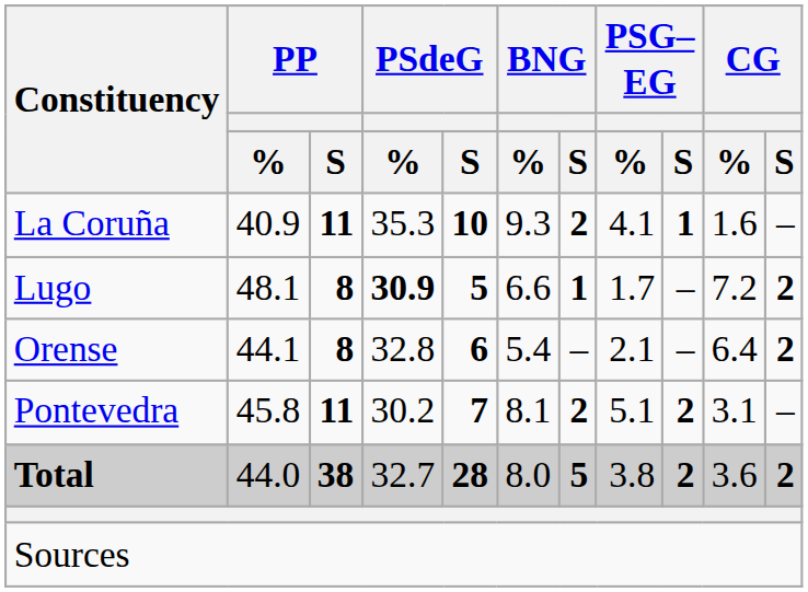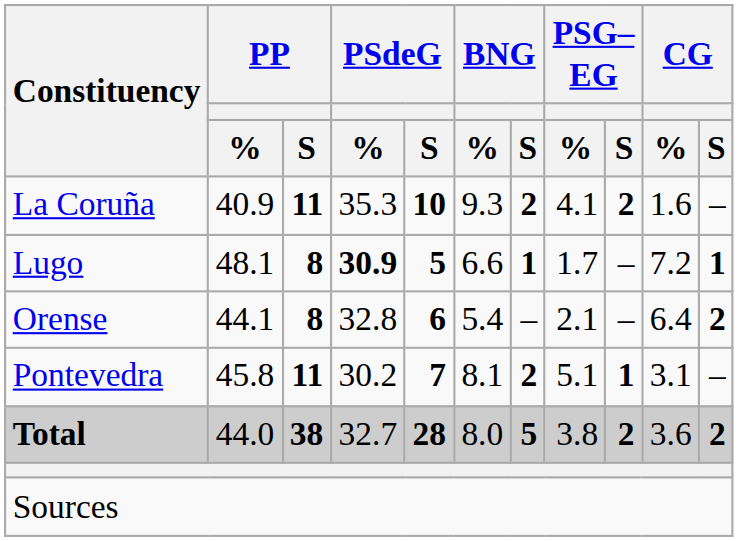 <table class="wikitable sortable" style="text-align:right; line-height:20px;">
 <tr>
 <th rowspan="3">Constituency</th>
 <th colspan="2" width="30px" class="unsortable"><a href='#'>PP</a></th>
 <th colspan="2" width="30px" class="unsortable"><a href='#'>PSdeG</a></th>
 <th colspan="2" width="30px" class="unsortable"><a href='#'>BNG</a></th>
 <th colspan="2" width="30px" class="unsortable"><a href='#'>PSG–EG</a></th>
 <th colspan="2" width="30px" class="unsortable"><a href='#'>CG</a></th>
 </tr>
 <tr>
 <th colspan="2" style="background:"></th>
 <th colspan="2" style="background:"></th>
 <th colspan="2" style="background:"></th>
 <th colspan="2" style="background:"></th>
 <th colspan="2" style="background:"></th>
 </tr>
 <tr>
 <th data-sort-type="number">%</th>
 <th data-sort-type="number">S</th>
 <th data-sort-type="number">%</th>
 <th data-sort-type="number">S</th>
 <th data-sort-type="number">%</th>
 <th data-sort-type="number">S</th>
 <th data-sort-type="number">%</th>
 <th data-sort-type="number">S</th>
 <th data-sort-type="number">%</th>
 <th data-sort-type="number">S</th>
 </tr>
 <tr>
 <td align="left"><a href='#'>La Coruña</a></td>
 <td style="background:">40.9</td>
 <td><strong>11</strong></td>
 <td>35.3</td>
 <td><strong>10</strong></td>
 <td>9.3</td>
 <td><strong>2</strong></td>
 <td>4.1</td>
-<td><strong>1</strong></td>
+<td><strong>2</strong></td>
 <td>1.6</td>
 <td>–</td>
 </tr>
 <tr>
 <td align="left"><a href='#'>Lugo</a></td>
 <td style="background:">48.1</td>
 <td><strong>8</strong></td>
 <td><strong>30.9</strong></td>
 <td><strong>5</strong></td>
 <td>6.6</td>
 <td><strong>1</strong></td>
 <td>1.7</td>
 <td>–</td>
 <td>7.2</td>
-<td><strong>2</strong></td>
+<td><strong>1</strong></td>
 </tr>
 <tr>
 <td align="left"><a href='#'>Orense</a></td>
 <td style="background:">44.1</td>
 <td><strong>8</strong></td>
 <td>32.8</td>
 <td><strong>6</strong></td>
 <td>5.4</td>
 <td>–</td>
 <td>2.1</td>
 <td>–</td>
 <td>6.4</td>
 <td><strong>2</strong></td>
 </tr>
 <tr>
 <td align="left"><a href='#'>Pontevedra</a></td>
 <td style="background:">45.8</td>
 <td><strong>11</strong></td>
 <td>30.2</td>
 <td><strong>7</strong></td>
 <td>8.1</td>
 <td><strong>2</strong></td>
 <td>5.1</td>
-<td><strong>2</strong></td>
+<td><strong>1</strong></td>
 <td>3.1</td>
 <td>–</td>
 </tr>
 <tr style="background:#CDCDCD;">
 <td align="left"><strong>Total</strong></td>
 <td style="background:">44.0</td>
 <td><strong>38</strong></td>
 <td>32.7</td>
 <td><strong>28</strong></td>
 <td>8.0</td>
 <td><strong>5</strong></td>
 <td>3.8</td>
 <td><strong>2</strong></td>
 <td>3.6</td>
 <td><strong>2</strong></td>
 </tr>
 <tr>
 <th colspan="11"></th>
 </tr>
 <tr>
 <th style="text-align:left; font-weight:normal; background:#F9F9F9" colspan="11">Sources</th>
 </tr>
 </table>
